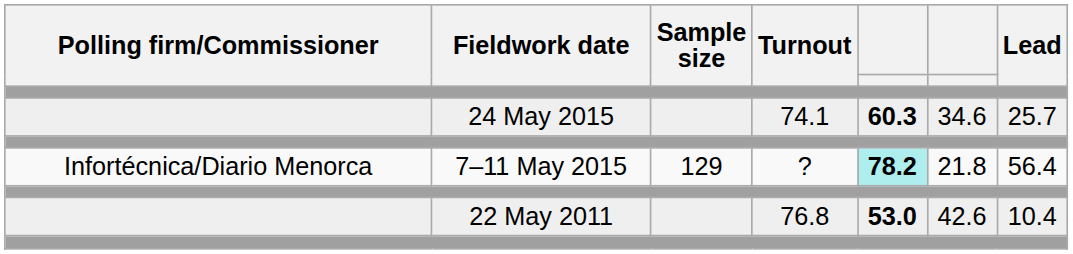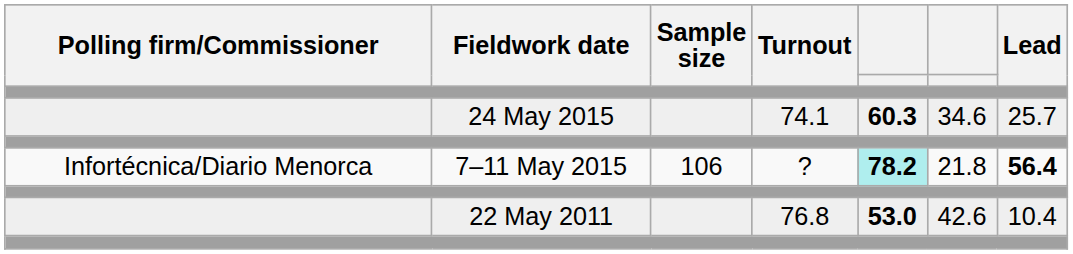 <table class="wikitable collapsible collapsed" style="text-align:center; font-size:95%; line-height:16px;">
 <tr style="height:42px;">
 <th style="width:250px;" rowspan="2">Polling firm/Commissioner</th>
 <th style="width:125px;" rowspan="2">Fieldwork date</th>
 <th style="width:50px;" rowspan="2">Sample size</th>
 <th style="width:45px;" rowspan="2">Turnout</th>
 <th style="width:35px;"></th>
 <th style="width:35px;"></th>
 <th style="width:30px;" rowspan="2">Lead</th>
 </tr>
 <tr>
 <th style="color:inherit;background:"></th>
 <th style="color:inherit;background:"></th>
 </tr>
 <tr>
 <td colspan="7" style="background:#A0A0A0"></td>
 </tr>
 <tr style="background:#EFEFEF;">
 <td><strong></strong></td>
 <td>24 May 2015</td>
 <td></td>
 <td>74.1</td>
 <td><strong>60.3</strong><br></td>
 <td>34.6<br></td>
 <td style="background:">25.7</td>
 </tr>
 <tr>
 <td colspan="7" style="background:#A0A0A0"></td>
 </tr>
 <tr>
 <td>Infortécnica/Diario Menorca</td>
 <td>7–11 May 2015</td>
-<td>129</td>
+<td>106</td>
 <td>?</td>
 <td style="background: paleturquoise;"><strong>78.2</strong><br></td>
 <td>21.8<br></td>
-<td style="background:">56.4</td>
+<td style="background:"><strong>56.4</strong></td>
 </tr>
 <tr>
 <td colspan="8" style="background:#A0A0A0"></td>
 </tr>
 <tr style="background:#EFEFEF;">
 <td><strong></strong></td>
 <td>22 May 2011</td>
 <td></td>
 <td>76.8</td>
 <td><strong>53.0</strong><br></td>
 <td>42.6<br></td>
 <td style="background:">10.4</td>
 </tr>
 <tr>
 <td colspan="8" style="background:#A0A0A0"></td>
 </tr>
 </table>
